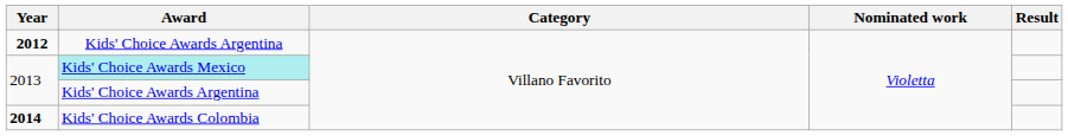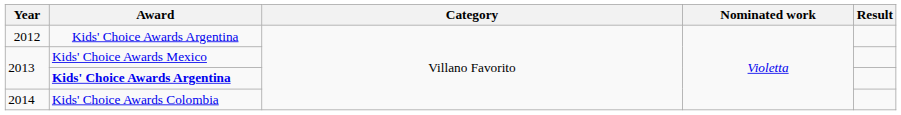 <table class="wikitable" style="width:85%; margin: auto">
 <tr style="text-align: center;">
 <th style="width:5%;">Year</th>
 <th style="width:25%;">Award</th>
 <th style="width:50%;">Category</th>
 <th style="width:20%;">Nominated work</th>
 <th style="width:15%;">Result</th>
 </tr>
 <tr style="text-align: center;">
-<td><strong>2012</strong></td>
+<td>2012</td>
 <td><a href='#'>Kids' Choice Awards Argentina</a></td>
 <td rowspan="4">Villano Favorito </td>
 <td rowspan="4"><em><a href='#'>Violetta</a></em></td>
 <td></td>
 </tr>
 <tr>
 <td rowspan="2">2013</td>
-<td style="background: paleturquoise;"><a href='#'>Kids' Choice Awards Mexico</a></td>
+<td><a href='#'>Kids' Choice Awards Mexico</a></td>
 <td></td>
 </tr>
 <tr>
-<td><a href='#'>Kids' Choice Awards Argentina</a></td>
+<td><strong><a href='#'>Kids' Choice Awards Argentina</a></strong></td>
 <td></td>
 </tr>
 <tr>
-<td><strong>2014</strong></td>
+<td>2014</td>
 <td><a href='#'>Kids' Choice Awards Colombia</a></td>
 <td></td>
 </tr>
 </table>
